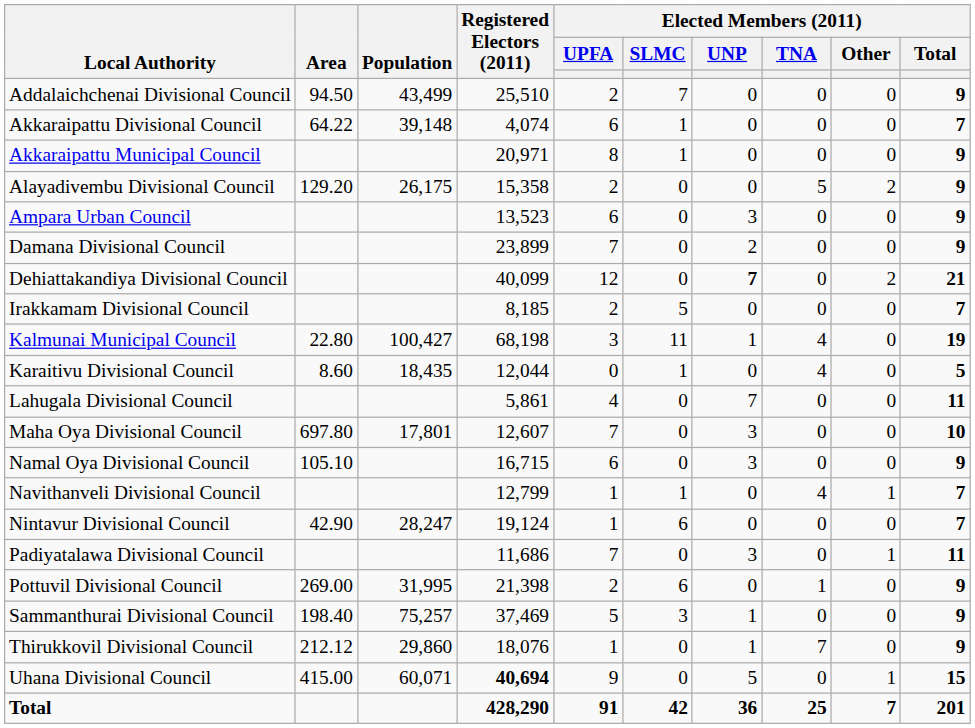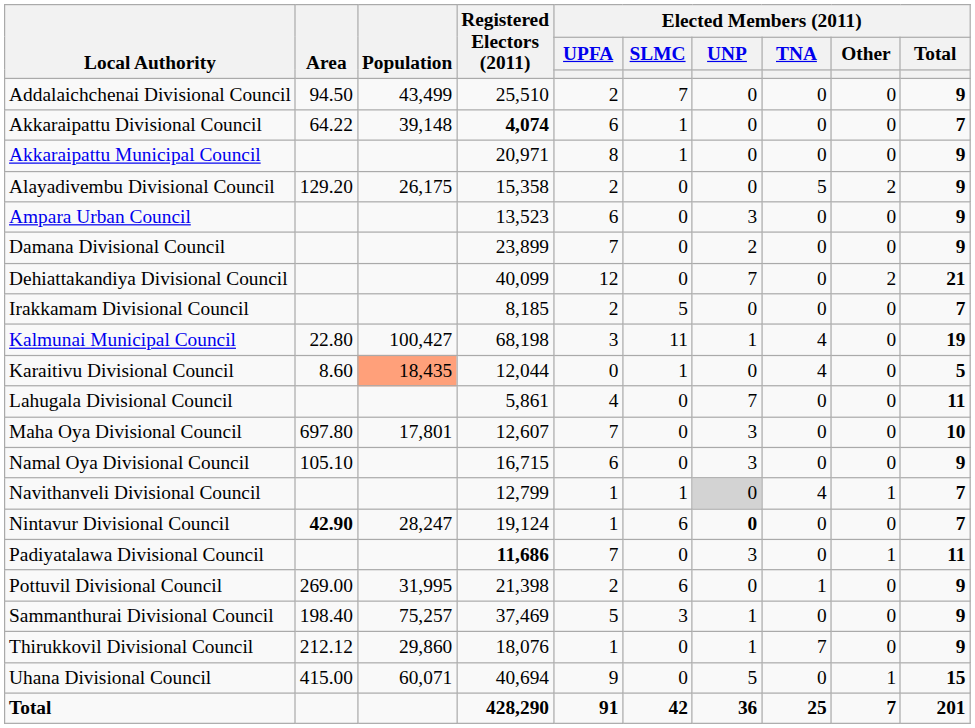 <table class="wikitable" border="1" style="text-align:right;">
 <tr>
 <th style="vertical-align:bottom;" rowspan=3>Local Authority</th>
 <th style="vertical-align:bottom;" rowspan=3>Area</th>
 <th style="vertical-align:bottom;" rowspan=3>Population</th>
 <th style="vertical-align:bottom;" rowspan=3>Registered<br>Electors<br>(2011)</th>
 <th colspan=6>Elected Members (2011)</th>
 </tr>
 <tr>
 <th style="width:50px;"><a href='#'>UPFA</a></th>
 <th style="width:50px;"><a href='#'>SLMC</a></th>
 <th style="width:50px;"><a href='#'>UNP</a></th>
 <th style="width:50px;"><a href='#'>TNA</a></th>
 <th style="width:50px;">Other</th>
 <th style="width:50px;">Total</th>
 </tr>
 <tr>
 <th style="background:"></th>
 <th style="background:"></th>
 <th style="background:"></th>
 <th style="background:"></th>
 <th></th>
 <th></th>
 </tr>
 <tr>
 <td align=left>Addalaichchenai Divisional Council</td>
 <td>94.50</td>
 <td>43,499</td>
 <td>25,510</td>
 <td>2</td>
 <td>7</td>
 <td>0</td>
 <td>0</td>
 <td>0</td>
 <td><strong>9</strong></td>
 </tr>
 <tr>
 <td align=left>Akkaraipattu Divisional Council</td>
 <td>64.22</td>
 <td>39,148</td>
-<td>4,074</td>
+<td><strong>4,074</strong></td>
 <td>6</td>
 <td>1</td>
 <td>0</td>
 <td>0</td>
 <td>0</td>
 <td><strong>7</strong></td>
 </tr>
 <tr>
 <td align=left><a href='#'>Akkaraipattu Municipal Council</a></td>
 <td></td>
 <td></td>
 <td>20,971</td>
 <td>8</td>
 <td>1</td>
 <td>0</td>
 <td>0</td>
 <td>0</td>
 <td><strong>9</strong></td>
 </tr>
 <tr>
 <td align=left>Alayadivembu Divisional Council</td>
 <td>129.20</td>
 <td>26,175</td>
 <td>15,358</td>
 <td>2</td>
 <td>0</td>
 <td>0</td>
 <td>5</td>
 <td>2</td>
 <td><strong>9</strong></td>
 </tr>
 <tr>
 <td align=left><a href='#'>Ampara Urban Council</a></td>
 <td></td>
 <td></td>
 <td>13,523</td>
 <td>6</td>
 <td>0</td>
 <td>3</td>
 <td>0</td>
 <td>0</td>
 <td><strong>9</strong></td>
 </tr>
 <tr>
 <td align=left>Damana Divisional Council</td>
 <td></td>
 <td></td>
 <td>23,899</td>
 <td>7</td>
 <td>0</td>
 <td>2</td>
 <td>0</td>
 <td>0</td>
 <td><strong>9</strong></td>
 </tr>
 <tr>
 <td align=left>Dehiattakandiya Divisional Council</td>
 <td></td>
 <td></td>
 <td>40,099</td>
 <td>12</td>
 <td>0</td>
-<td><strong>7</strong></td>
+<td>7</td>
 <td>0</td>
 <td>2</td>
 <td><strong>21</strong></td>
 </tr>
 <tr>
 <td align=left>Irakkamam Divisional Council</td>
 <td></td>
 <td></td>
 <td>8,185</td>
 <td>2</td>
 <td>5</td>
 <td>0</td>
 <td>0</td>
 <td>0</td>
 <td><strong>7</strong></td>
 </tr>
 <tr>
 <td align=left><a href='#'>Kalmunai Municipal Council</a></td>
 <td>22.80</td>
 <td>100,427</td>
 <td>68,198</td>
 <td>3</td>
 <td>11</td>
 <td>1</td>
 <td>4</td>
 <td>0</td>
 <td><strong>19</strong></td>
 </tr>
 <tr>
 <td align=left>Karaitivu Divisional Council</td>
 <td>8.60</td>
-<td>18,435</td>
+<td style="background: lightsalmon;">18,435</td>
 <td>12,044</td>
 <td>0</td>
 <td>1</td>
 <td>0</td>
 <td>4</td>
 <td>0</td>
 <td><strong>5</strong></td>
 </tr>
 <tr>
 <td align=left>Lahugala Divisional Council</td>
 <td></td>
 <td></td>
 <td>5,861</td>
 <td>4</td>
 <td>0</td>
 <td>7</td>
 <td>0</td>
 <td>0</td>
 <td><strong>11</strong></td>
 </tr>
 <tr>
 <td align=left>Maha Oya Divisional Council</td>
 <td>697.80</td>
 <td>17,801</td>
 <td>12,607</td>
 <td>7</td>
 <td>0</td>
 <td>3</td>
 <td>0</td>
 <td>0</td>
 <td><strong>10</strong></td>
 </tr>
 <tr>
 <td align=left>Namal Oya Divisional Council</td>
 <td>105.10</td>
 <td></td>
 <td>16,715</td>
 <td>6</td>
 <td>0</td>
 <td>3</td>
 <td>0</td>
 <td>0</td>
 <td><strong>9</strong></td>
 </tr>
 <tr>
 <td align=left>Navithanveli Divisional Council</td>
 <td></td>
 <td></td>
 <td>12,799</td>
 <td>1</td>
 <td>1</td>
-<td>0</td>
+<td style="background: lightgrey;">0</td>
 <td>4</td>
 <td>1</td>
 <td><strong>7</strong></td>
 </tr>
 <tr>
 <td align=left>Nintavur Divisional Council</td>
-<td>42.90</td>
+<td><strong>42.90</strong></td>
 <td>28,247</td>
 <td>19,124</td>
 <td>1</td>
 <td>6</td>
-<td>0</td>
+<td><strong>0</strong></td>
 <td>0</td>
 <td>0</td>
 <td><strong>7</strong></td>
 </tr>
 <tr>
 <td align=left>Padiyatalawa Divisional Council</td>
 <td></td>
 <td></td>
-<td>11,686</td>
+<td><strong>11,686</strong></td>
 <td>7</td>
 <td>0</td>
 <td>3</td>
 <td>0</td>
 <td>1</td>
 <td><strong>11</strong></td>
 </tr>
 <tr>
 <td align=left>Pottuvil Divisional Council</td>
 <td>269.00</td>
 <td>31,995</td>
 <td>21,398</td>
 <td>2</td>
 <td>6</td>
 <td>0</td>
 <td>1</td>
 <td>0</td>
 <td><strong>9</strong></td>
 </tr>
 <tr>
 <td align=left>Sammanthurai Divisional Council</td>
 <td>198.40</td>
 <td>75,257</td>
 <td>37,469</td>
 <td>5</td>
 <td>3</td>
 <td>1</td>
 <td>0</td>
 <td>0</td>
 <td><strong>9</strong></td>
 </tr>
 <tr>
 <td align=left>Thirukkovil Divisional Council</td>
 <td>212.12</td>
 <td>29,860</td>
 <td>18,076</td>
 <td>1</td>
 <td>0</td>
 <td>1</td>
 <td>7</td>
 <td>0</td>
 <td><strong>9</strong></td>
 </tr>
 <tr>
 <td align=left>Uhana Divisional Council</td>
 <td>415.00</td>
 <td>60,071</td>
-<td><strong>40,694</strong></td>
+<td>40,694</td>
 <td>9</td>
 <td>0</td>
 <td>5</td>
 <td>0</td>
 <td>1</td>
 <td><strong>15</strong></td>
 </tr>
 <tr style="font-weight:bold">
 <td align=left>Total</td>
 <td></td>
 <td></td>
 <td>428,290</td>
 <td>91</td>
 <td>42</td>
 <td>36</td>
 <td>25</td>
 <td>7</td>
 <td>201</td>
 </tr>
 </table>
